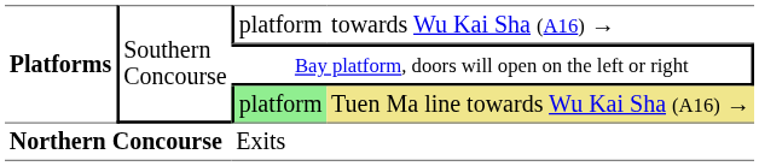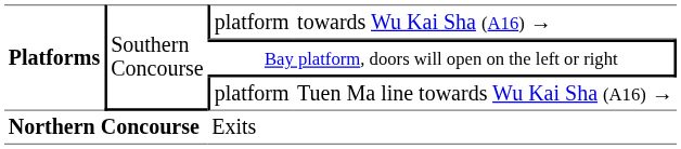 <table border="0" cellspacing="0" cellpadding="3">
 <tr>
 <td rowspan="3" style="border-top:solid 1px gray;border-bottom:solid 1px gray;"><strong>Platforms</strong></td>
 <td rowspan="3" style="border-top:solid 1px gray;border-bottom:solid 2px black;border-left:solid 2px black;">Southern<br>Concourse</td>
 <td style="border-top:solid 1px gray;border-bottom:solid 1px gray;border-left:solid 2px black;"><span><strong></strong></span> platform</td>
 <td style="border-top:solid 1px gray;border-bottom:solid 1px gray;">  towards <a href='#'>Wu Kai Sha</a> <small>(<a href='#'>A16</a>)</small> →</td>
 </tr>
 <tr>
 <td colspan="2" style="border-top:solid 2px black;border-right:solid 2px black;border-bottom:solid 2px black;text-align:center;"><small><a href='#'>Bay platform</a>, doors will open on the left or right</small></td>
 </tr>
 <tr>
-<td style="background: lightgreen; border-bottom:solid 1px gray;border-left:solid 2px black;"><span><strong></strong></span> platform</td>
-<td style="background: khaki; border-bottom:solid 1px gray;">  Tuen Ma line towards <a href='#'>Wu Kai Sha</a> <small>(A16)</small> →</td>
+<td style="border-bottom:solid 1px gray;border-left:solid 2px black;"><span><strong></strong></span> platform</td>
+<td style="border-bottom:solid 1px gray;">  Tuen Ma line towards <a href='#'>Wu Kai Sha</a> <small>(A16)</small> →</td>
 </tr>
 <tr>
 <td style="border-bottom:solid 1px gray;" colspan="2"><strong>Northern Concourse</strong></td>
 <td style="border-bottom:solid 1px gray;" colspan="2">Exits</td>
 </tr>
 </table>
